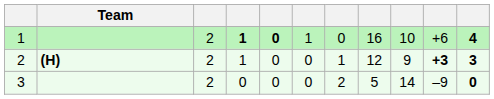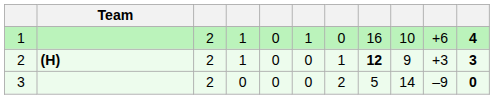 <table class="wikitable" style="text-align: center; font-size: 100%;">
 <tr>
 <th width="30"></th>
 <th width="170">Team</th>
 <th width="30"></th>
 <th width="30"></th>
 <th width="30"></th>
 <th width="30"></th>
 <th width="30"></th>
 <th width="30"></th>
 <th width="30"></th>
 <th width="30"></th>
 <th width="30"></th>
 </tr>
 <tr style="background-color: #bbf3bb">
 <td>1</td>
 <td align="left"></td>
 <td>2</td>
-<td><strong>1</strong></td>
-<td><strong>0</strong></td>
+<td>1</td>
+<td>0</td>
 <td>1</td>
 <td>0</td>
 <td>16</td>
 <td>10</td>
 <td>+6</td>
 <td><strong>4</strong></td>
 </tr>
 <tr style="background-color: #edfced">
 <td>2</td>
 <td align="left"> <strong>(H)</strong></td>
 <td>2</td>
 <td>1</td>
 <td>0</td>
 <td>0</td>
 <td>1</td>
-<td>12</td>
+<td><strong>12</strong></td>
 <td>9</td>
-<td><strong>+3</strong></td>
+<td>+3</td>
 <td><strong>3</strong></td>
 </tr>
 <tr style="background-color: #edfced">
 <td>3</td>
 <td align="left"></td>
 <td>2</td>
 <td>0</td>
 <td>0</td>
 <td>0</td>
 <td>2</td>
 <td>5</td>
 <td>14</td>
 <td>–9</td>
 <td><strong>0</strong></td>
 </tr>
 </table>
